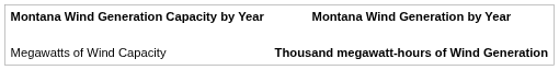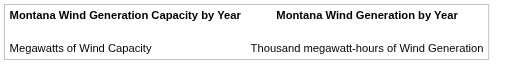 <table style="border:solid 1px #aaa;" cellpadding="7" cellspacing="0" class="floatleft">
 <tr>
 <th><strong>Montana Wind Generation Capacity by Year</strong></th>
 <th><strong>Montana Wind Generation by Year</strong></th>
 </tr>
 <tr>
 <td></td>
 <td></td>
 </tr>
 <tr>
 <td>Megawatts of Wind Capacity</td>
-<td><strong>Thousand megawatt-hours of Wind Generation</strong></td>
+<td>Thousand megawatt-hours of Wind Generation</td>
 </tr>
 </table>
